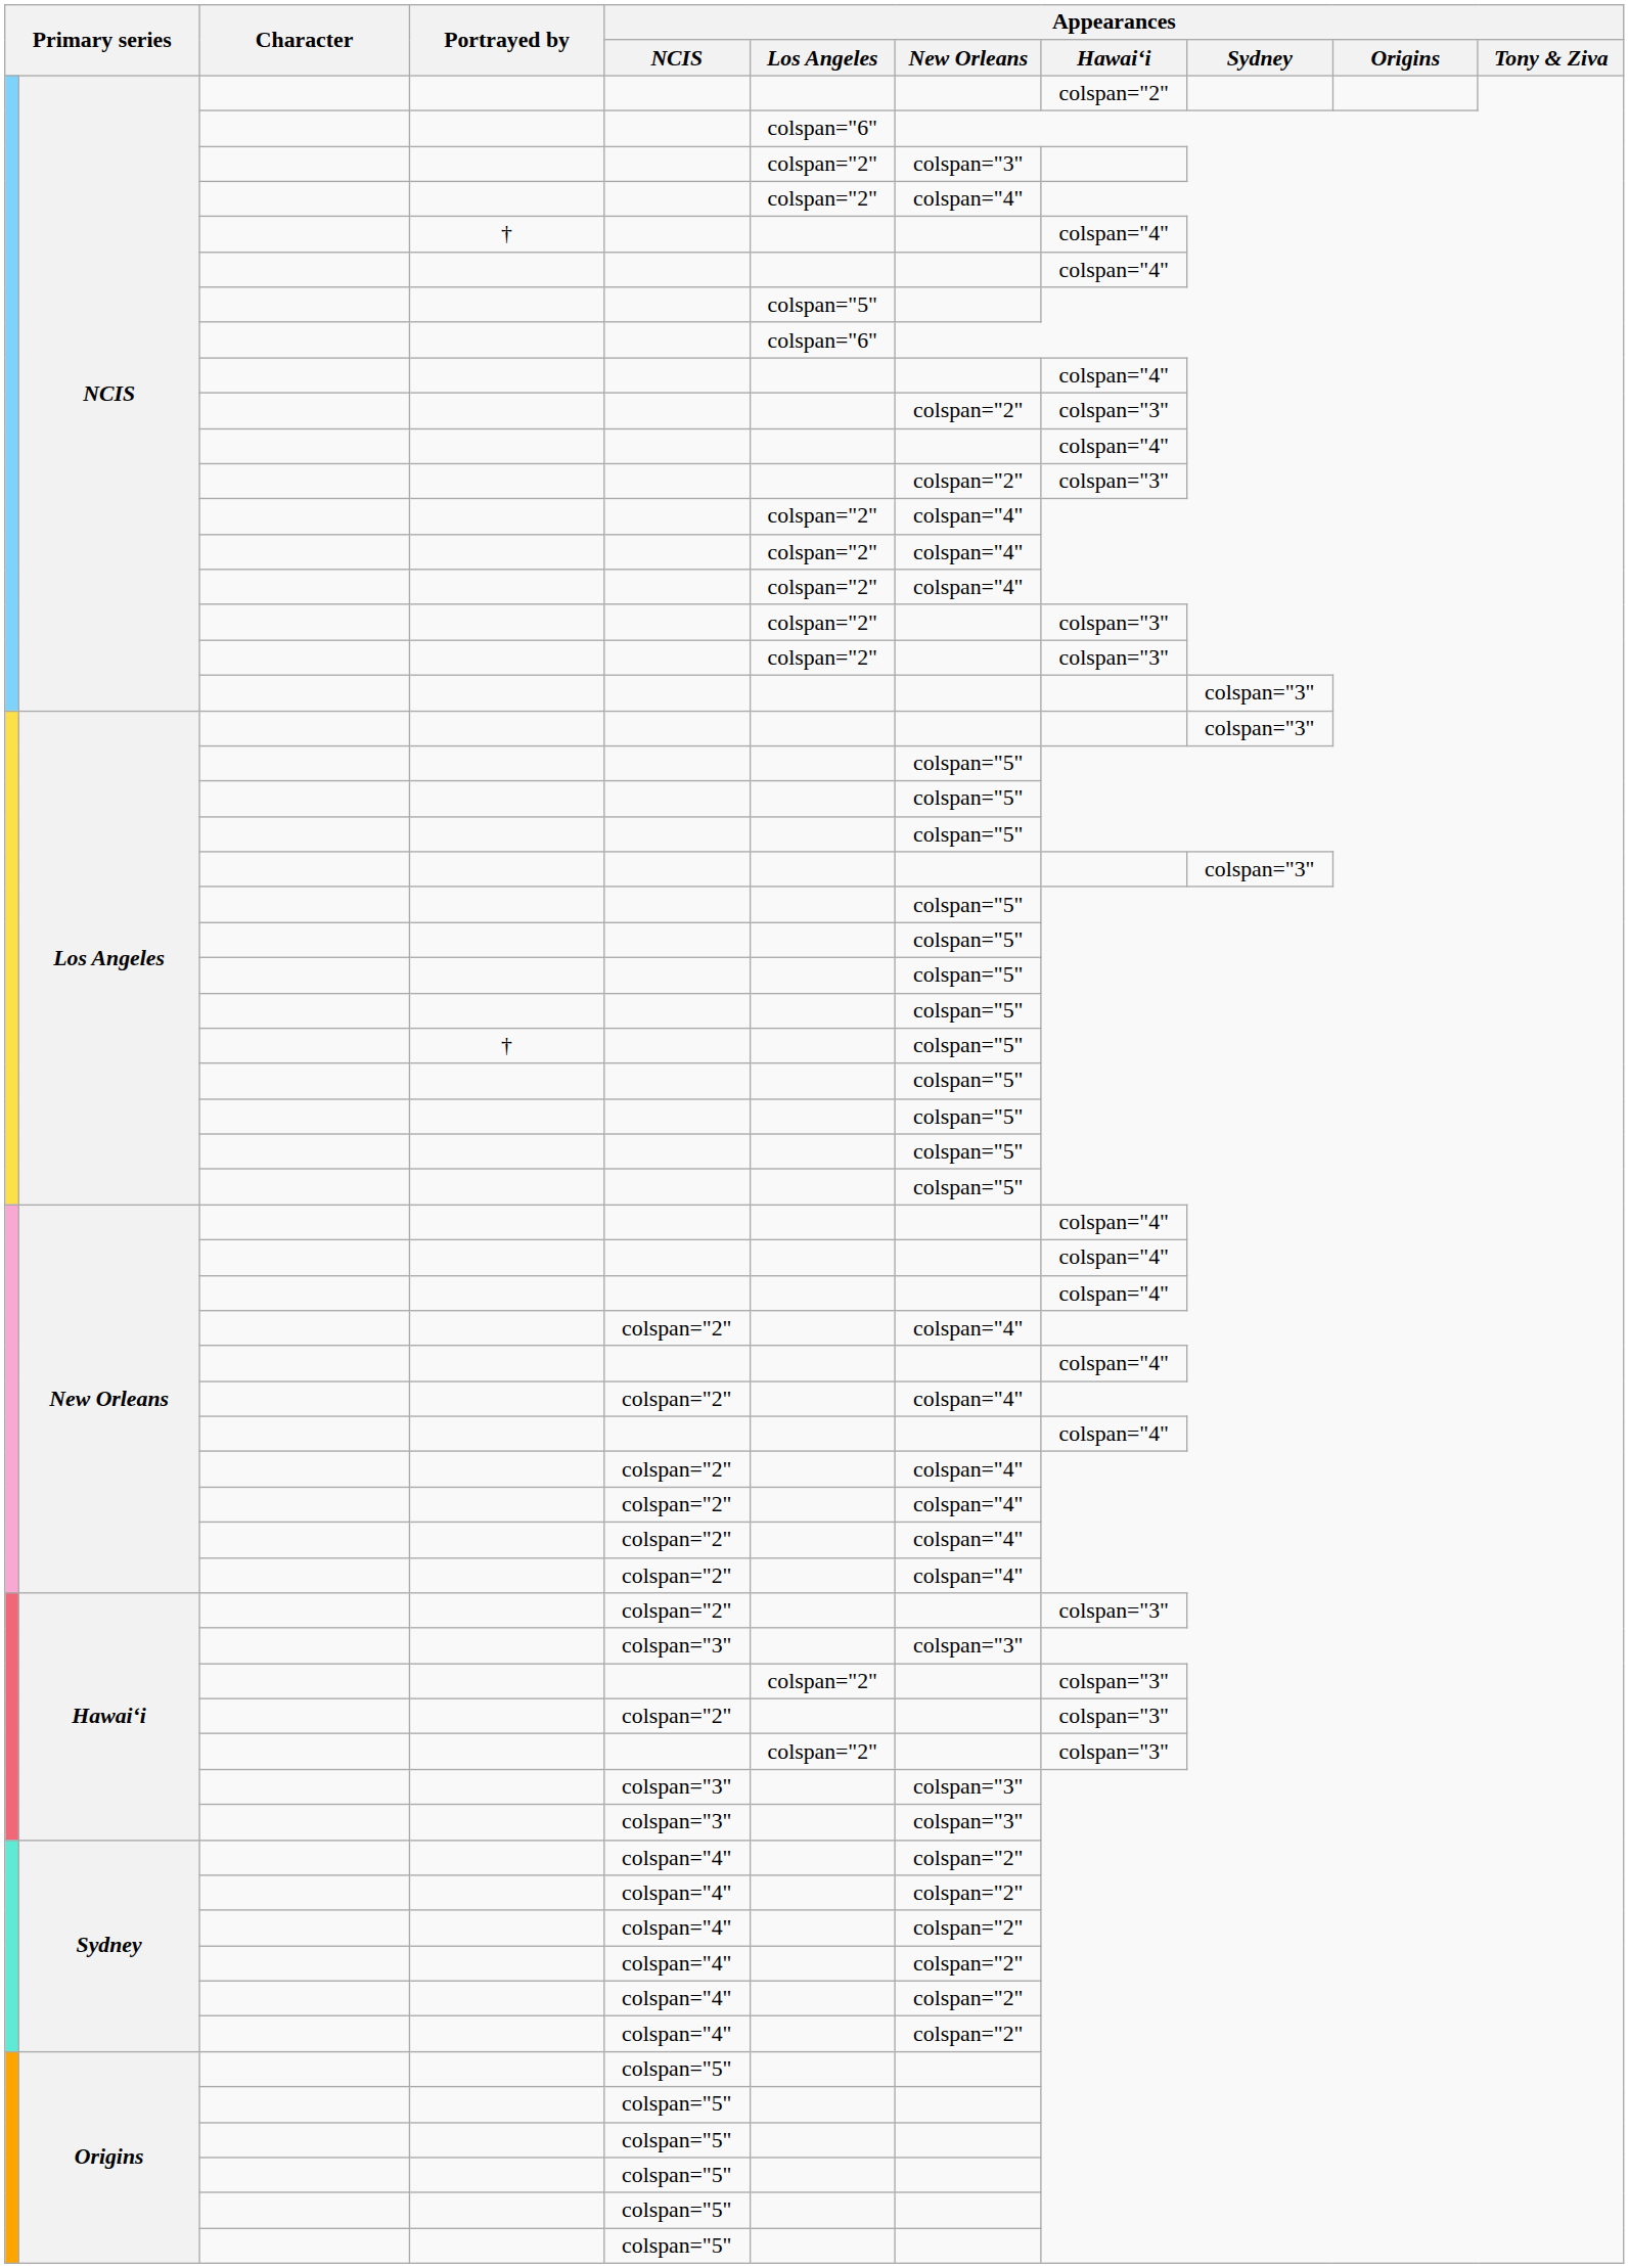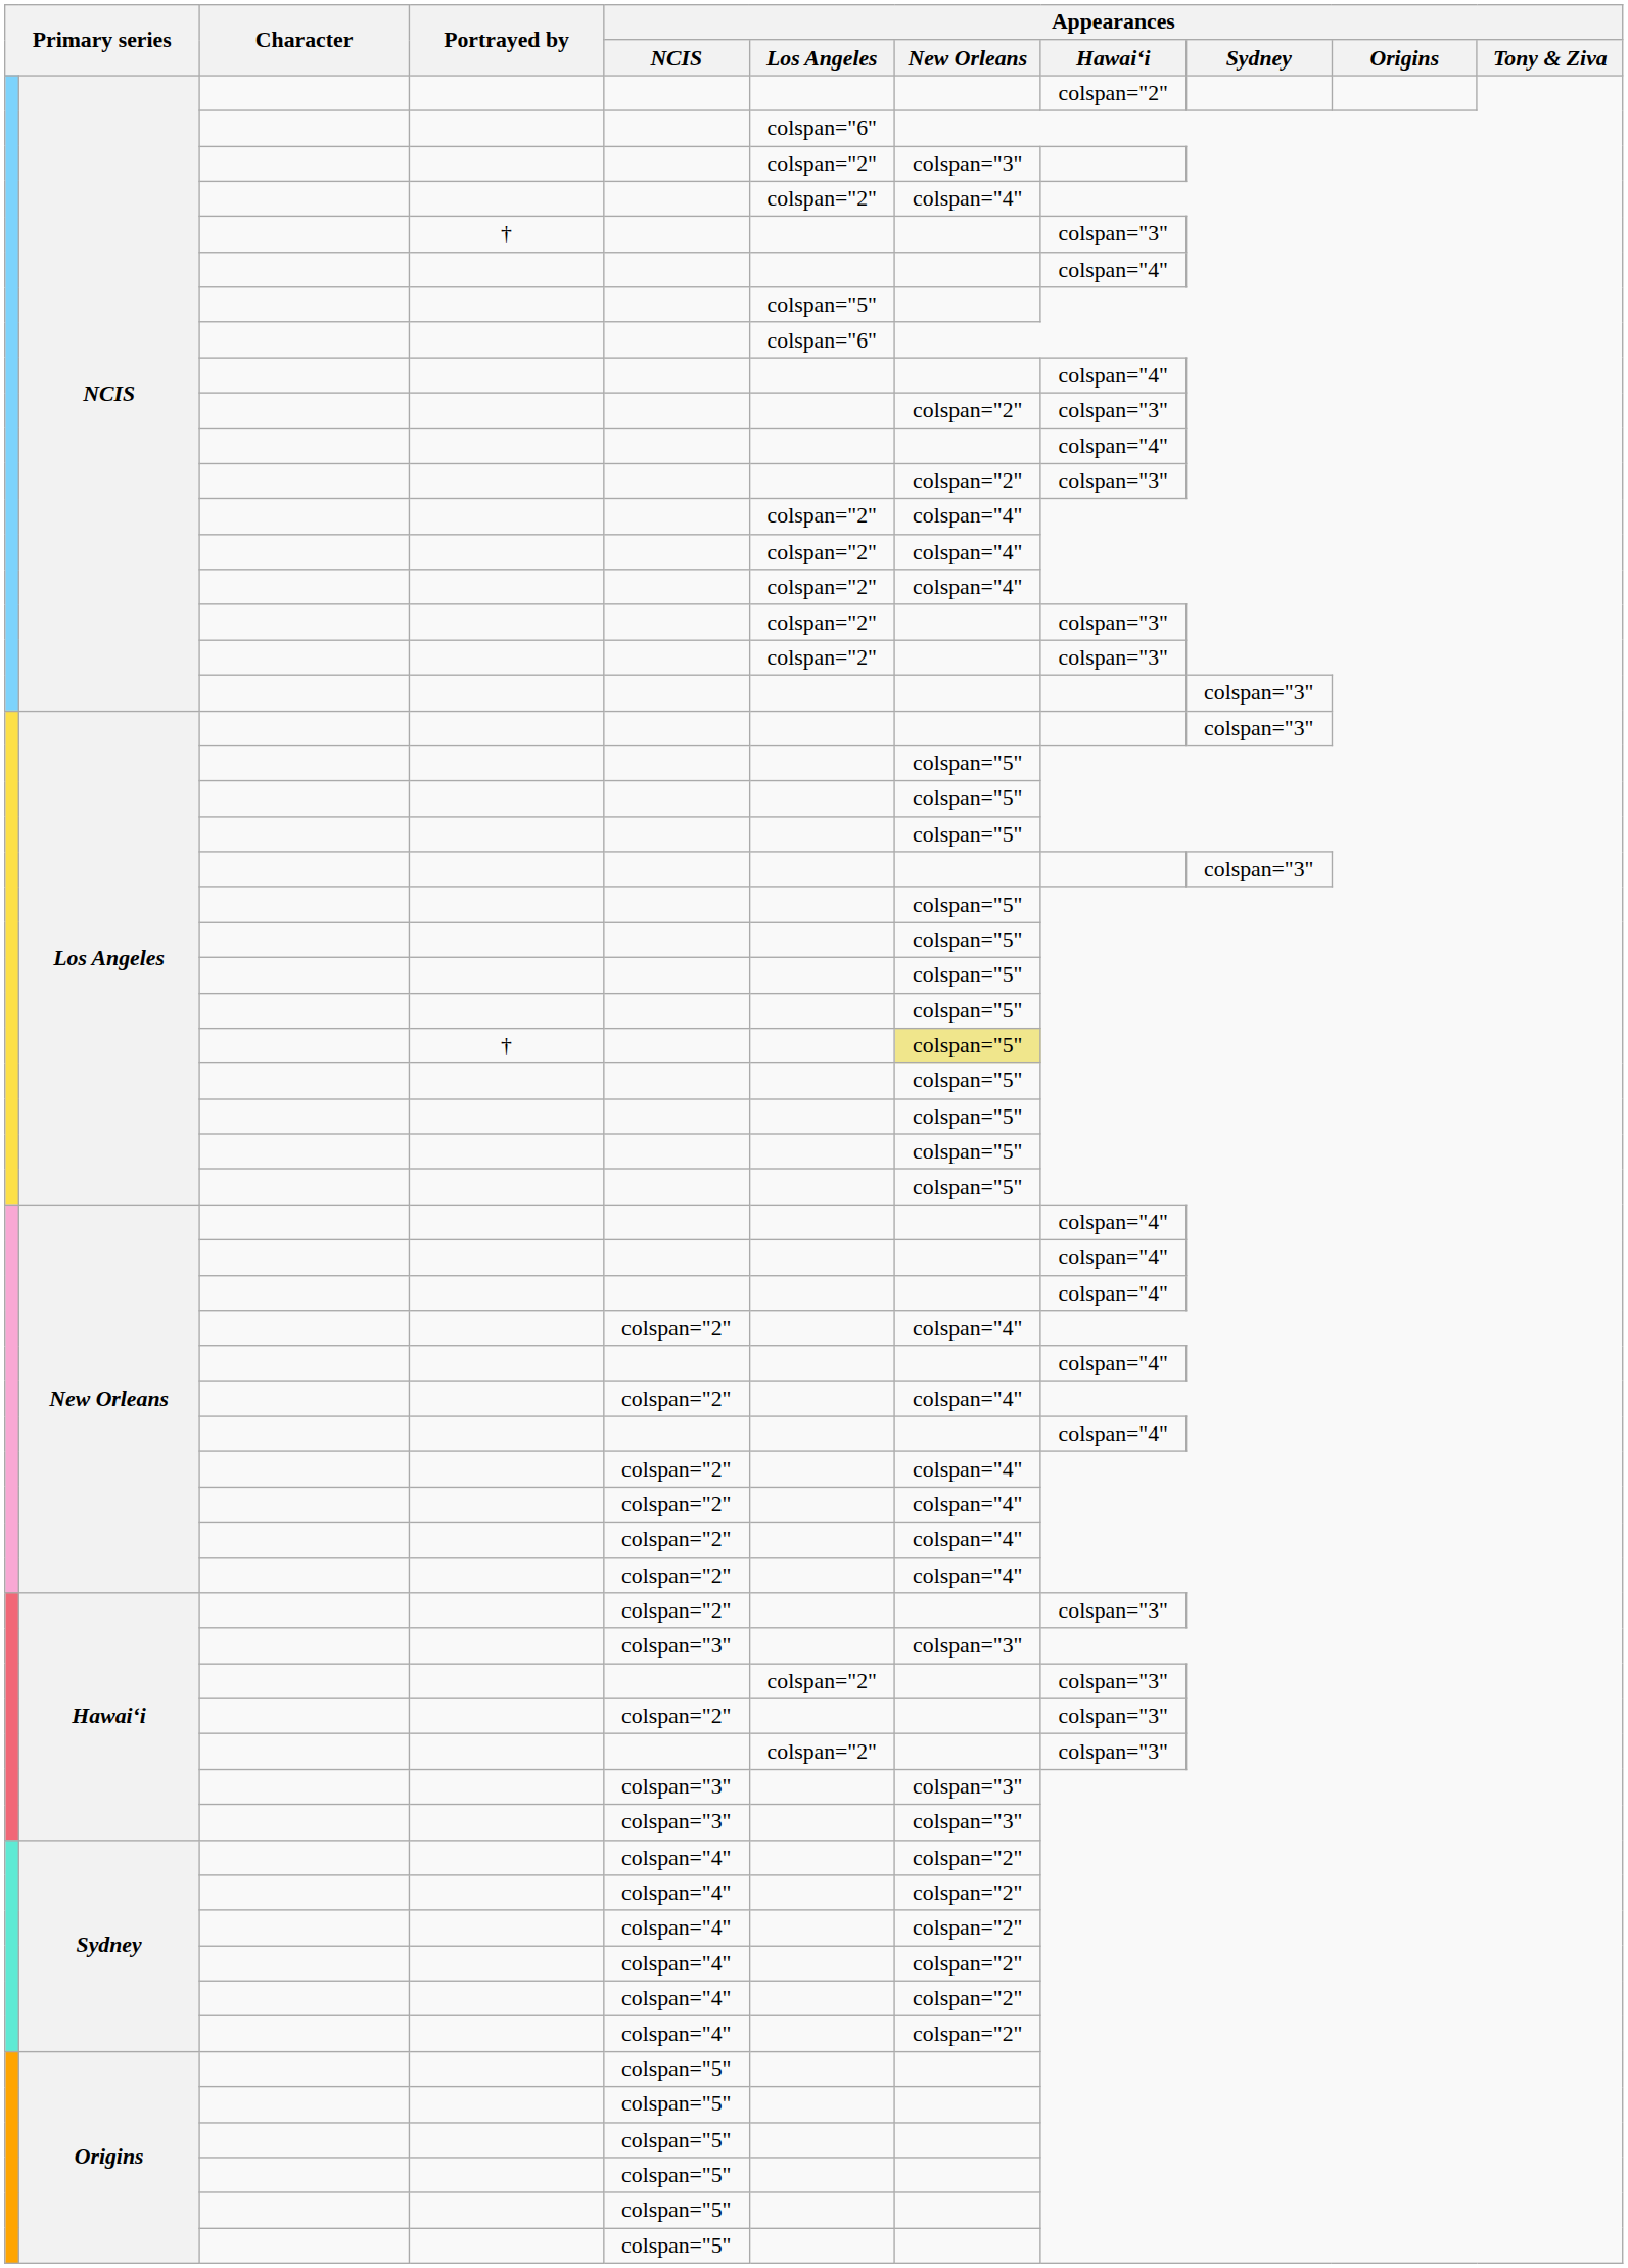 <table class="wikitable plainrowheaders" style="text-align:center;">
 <tr>
 <th rowspan="2" colspan="2" width="12%">Primary series</th>
 <th rowspan="2" scope="col" width="13%">Character</th>
 <th rowspan="2" scope="col" width="12%">Portrayed by</th>
 <th colspan="7" scope="col">Appearances</th>
 </tr>
 <tr>
 <th scope="col" style="width:9%;"><em>NCIS</em></th>
 <th scope="col" style="width:9%;"><em>Los Angeles</em></th>
 <th scope="col" style="width:9%;"><em>New Orleans</em></th>
 <th scope="col" style="width:9%;"><em>Hawaiʻi</em></th>
 <th scope="col" style="width:9%;"><em>Sydney</em></th>
 <th scope="col" style="width:9%;"><em>Origins</em></th>
 <th scope="col" style="width:9%;"><em>Tony & Ziva</em></th>
 </tr>
 <tr>
 <td rowspan="18" style="background:#7dd3fc;"></td>
 <th rowspan="18"><em>NCIS</em></th>
 <td scope="row"></td>
 <td></td>
 <td></td>
 <td></td>
 <td></td>
 <td>colspan="2" </td>
 <td></td>
 <td></td>
 </tr>
 <tr>
 <td scope="row"></td>
 <td></td>
 <td></td>
 <td>colspan="6" </td>
 </tr>
 <tr>
 <td scope="row"></td>
 <td></td>
 <td></td>
 <td>colspan="2" </td>
 <td>colspan="3" </td>
 <td></td>
 </tr>
 <tr>
 <td scope="row"></td>
 <td></td>
 <td></td>
 <td>colspan="2" </td>
 <td>colspan="4" </td>
 </tr>
 <tr>
 <td scope="row"></td>
 <td>†</td>
 <td></td>
 <td></td>
 <td></td>
-<td>colspan="4" </td>
+<td>colspan="3" </td>
 </tr>
 <tr>
 <td scope="row"></td>
 <td></td>
 <td></td>
 <td></td>
 <td></td>
 <td>colspan="4" </td>
 </tr>
 <tr>
 <td scope="row"></td>
 <td></td>
 <td></td>
 <td>colspan="5" </td>
 <td></td>
 </tr>
 <tr>
 <td scope="row"></td>
 <td></td>
 <td></td>
 <td>colspan="6" </td>
 </tr>
 <tr>
 <td scope="row"></td>
 <td></td>
 <td></td>
 <td></td>
 <td></td>
 <td>colspan="4" </td>
 </tr>
 <tr>
 <td scope="row"></td>
 <td></td>
 <td></td>
 <td></td>
 <td>colspan="2" </td>
 <td>colspan="3" </td>
 </tr>
 <tr>
 <td scope="row"></td>
 <td></td>
 <td></td>
 <td></td>
 <td></td>
 <td>colspan="4" </td>
 </tr>
 <tr>
 <td scope="row"></td>
 <td></td>
 <td></td>
 <td></td>
 <td>colspan="2" </td>
 <td>colspan="3" </td>
 </tr>
 <tr>
 <td scope="row"></td>
 <td></td>
 <td></td>
 <td>colspan="2" </td>
 <td>colspan="4" </td>
 </tr>
 <tr>
 <td scope="row"></td>
 <td></td>
 <td></td>
 <td>colspan="2" </td>
 <td>colspan="4" </td>
 </tr>
 <tr>
 <td scope="row"></td>
 <td></td>
 <td></td>
 <td>colspan="2" </td>
 <td>colspan="4" </td>
 </tr>
 <tr>
 <td scope="row"></td>
 <td></td>
 <td></td>
 <td>colspan="2" </td>
 <td></td>
 <td>colspan="3" </td>
 </tr>
 <tr>
 <td scope="row"></td>
 <td></td>
 <td></td>
 <td>colspan="2" </td>
 <td></td>
 <td>colspan="3" </td>
 </tr>
 <tr>
 <td scope="row"></td>
 <td></td>
 <td></td>
 <td></td>
 <td></td>
 <td></td>
 <td>colspan="3" </td>
 </tr>
 <tr>
 <td rowspan="14" style="background:#fde047;"></td>
 <th rowspan="14"><em>Los Angeles</em></th>
 <td></td>
 <td></td>
 <td></td>
 <td></td>
 <td></td>
 <td></td>
 <td>colspan="3" </td>
 </tr>
 <tr>
 <td scope="row"></td>
 <td></td>
 <td></td>
 <td></td>
 <td>colspan="5" </td>
 </tr>
 <tr>
 <td scope="row"></td>
 <td></td>
 <td></td>
 <td></td>
 <td>colspan="5" </td>
 </tr>
 <tr>
 <td scope="row"></td>
 <td></td>
 <td></td>
 <td></td>
 <td>colspan="5" </td>
 </tr>
 <tr>
 <td scope="row"></td>
 <td></td>
 <td></td>
 <td></td>
 <td></td>
 <td></td>
 <td>colspan="3" </td>
 </tr>
 <tr>
 <td scope="row"></td>
 <td></td>
 <td></td>
 <td></td>
 <td>colspan="5" </td>
 </tr>
 <tr>
 <td scope="row"></td>
 <td></td>
 <td></td>
 <td></td>
 <td>colspan="5" </td>
 </tr>
 <tr>
 <td scope="row"></td>
 <td></td>
 <td></td>
 <td></td>
 <td>colspan="5" </td>
 </tr>
 <tr>
 <td scope="row"></td>
 <td></td>
 <td></td>
 <td></td>
 <td>colspan="5" </td>
 </tr>
 <tr>
 <td scope="row"></td>
 <td>†</td>
 <td></td>
 <td></td>
-<td>colspan="5" </td>
+<td style="background: khaki;">colspan="5" </td>
 </tr>
 <tr>
 <td scope="row"></td>
 <td></td>
 <td></td>
 <td></td>
 <td>colspan="5" </td>
 </tr>
 <tr>
 <td scope="row"></td>
 <td></td>
 <td></td>
 <td></td>
 <td>colspan="5" </td>
 </tr>
 <tr>
 <td scope="row"></td>
 <td></td>
 <td></td>
 <td></td>
 <td>colspan="5" </td>
 </tr>
 <tr>
 <td scope="row"></td>
 <td></td>
 <td></td>
 <td></td>
 <td>colspan="5" </td>
 </tr>
 <tr>
 <td rowspan="11" style="background:#f9a8d4;"></td>
 <th rowspan="11"><em>New Orleans</em></th>
 <td></td>
 <td></td>
 <td></td>
 <td></td>
 <td></td>
 <td>colspan="4" </td>
 </tr>
 <tr>
 <td scope="row"></td>
 <td></td>
 <td></td>
 <td></td>
 <td></td>
 <td>colspan="4" </td>
 </tr>
 <tr>
 <td scope="row"></td>
 <td></td>
 <td></td>
 <td></td>
 <td></td>
 <td>colspan="4" </td>
 </tr>
 <tr>
 <td scope="row"></td>
 <td></td>
 <td>colspan="2" </td>
 <td></td>
 <td>colspan="4" </td>
 </tr>
 <tr>
 <td scope="row"></td>
 <td></td>
 <td></td>
 <td></td>
 <td></td>
 <td>colspan="4" </td>
 </tr>
 <tr>
 <td scope="row"></td>
 <td></td>
 <td>colspan="2" </td>
 <td></td>
 <td>colspan="4" </td>
 </tr>
 <tr>
 <td scope="row"></td>
 <td></td>
 <td></td>
 <td></td>
 <td></td>
 <td>colspan="4" </td>
 </tr>
 <tr>
 <td scope="row"></td>
 <td></td>
 <td>colspan="2" </td>
 <td></td>
 <td>colspan="4" </td>
 </tr>
 <tr>
 <td scope="row"></td>
 <td></td>
 <td>colspan="2" </td>
 <td></td>
 <td>colspan="4" </td>
 </tr>
 <tr>
 <td scope="row"></td>
 <td></td>
 <td>colspan="2" </td>
 <td></td>
 <td>colspan="4" </td>
 </tr>
 <tr>
 <td scope="row"></td>
 <td></td>
 <td>colspan="2" </td>
 <td></td>
 <td>colspan="4" </td>
 </tr>
 <tr>
 <td rowspan="7" style="background:#f16777;"></td>
 <th rowspan="7"><em>Hawaiʻi</em></th>
 <td></td>
 <td></td>
 <td>colspan="2" </td>
 <td></td>
 <td></td>
 <td>colspan="3" </td>
 </tr>
 <tr>
 <td scope="row"></td>
 <td></td>
 <td>colspan="3" </td>
 <td></td>
 <td>colspan="3" </td>
 </tr>
 <tr>
 <td scope="row"></td>
 <td></td>
 <td></td>
 <td>colspan="2" </td>
 <td></td>
 <td>colspan="3" </td>
 </tr>
 <tr>
 <td scope="row"></td>
 <td></td>
 <td>colspan="2" </td>
 <td></td>
 <td></td>
 <td>colspan="3" </td>
 </tr>
 <tr>
 <td scope="row"></td>
 <td></td>
 <td></td>
 <td>colspan="2" </td>
 <td></td>
 <td>colspan="3" </td>
 </tr>
 <tr>
 <td scope="row"></td>
 <td></td>
 <td>colspan="3" </td>
 <td></td>
 <td>colspan="3" </td>
 </tr>
 <tr>
 <td scope="row"></td>
 <td></td>
 <td>colspan="3" </td>
 <td></td>
 <td>colspan="3" </td>
 </tr>
 <tr>
 <td rowspan="6" style="background:#5eead4;"></td>
 <th rowspan="6"><em>Sydney</em></th>
 <td scope="row"></td>
 <td></td>
 <td>colspan="4" </td>
 <td></td>
 <td>colspan="2" </td>
 </tr>
 <tr>
 <td scope="row"></td>
 <td></td>
 <td>colspan="4" </td>
 <td></td>
 <td>colspan="2" </td>
 </tr>
 <tr>
 <td scope="row"></td>
 <td></td>
 <td>colspan="4" </td>
 <td></td>
 <td>colspan="2" </td>
 </tr>
 <tr>
 <td scope="row"></td>
 <td></td>
 <td>colspan="4" </td>
 <td></td>
 <td>colspan="2" </td>
 </tr>
 <tr>
 <td scope="row"></td>
 <td></td>
 <td>colspan="4" </td>
 <td></td>
 <td>colspan="2" </td>
 </tr>
 <tr>
 <td scope="row"></td>
 <td></td>
 <td>colspan="4" </td>
 <td></td>
 <td>colspan="2" </td>
 </tr>
 <tr>
 <td rowspan="6" style="background:#ffa500;"></td>
 <th rowspan="6"><em>Origins</em></th>
 <td scope="row"></td>
 <td></td>
 <td>colspan="5" </td>
 <td></td>
 <td></td>
 </tr>
 <tr>
 <td scope="row"></td>
 <td></td>
 <td>colspan="5" </td>
 <td></td>
 <td></td>
 </tr>
 <tr>
 <td scope="row"></td>
 <td></td>
 <td>colspan="5" </td>
 <td></td>
 <td></td>
 </tr>
 <tr>
 <td scope="row"></td>
 <td></td>
 <td>colspan="5" </td>
 <td></td>
 <td></td>
 </tr>
 <tr>
 <td scope="row"></td>
 <td></td>
 <td>colspan="5" </td>
 <td></td>
 <td></td>
 </tr>
 <tr>
 <td scope="row"></td>
 <td></td>
 <td>colspan="5" </td>
 <td></td>
 <td></td>
 </tr>
 </table>
